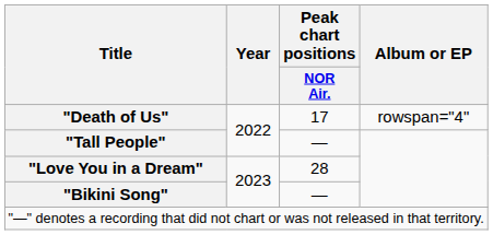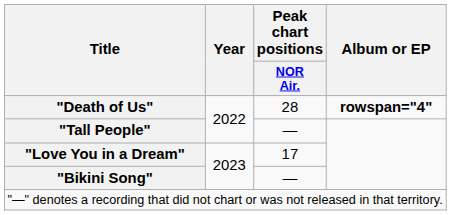 <table class="wikitable plainrowheaders" style="text-align:center;">
 <tr>
 <th scope="col" rowspan="2">Title</th>
 <th scope="col" rowspan="2">Year</th>
 <th scope="col" colspan="1">Peak chart positions</th>
 <th scope="col" rowspan="2">Album or EP</th>
 </tr>
 <tr>
 <th scope="col" style="width:3em;font-size:85%;"><a href='#'>NOR<br>Air.</a><br></th>
 </tr>
 <tr>
 <th scope="row">"Death of Us"</th>
 <td rowspan="2">2022</td>
-<td>17</td>
-<td>rowspan="4" </td>
+<td>28</td>
+<td><strong>rowspan="4" </strong></td>
 </tr>
 <tr>
 <th scope="row">"Tall People"</th>
 <td>—</td>
 </tr>
 <tr>
 <th scope="row">"Love You in a Dream"</th>
 <td rowspan="2">2023</td>
-<td>28</td>
+<td>17</td>
 </tr>
 <tr>
 <th scope="row">"Bikini Song"</th>
 <td>—</td>
 </tr>
 <tr>
 <td colspan="4" style="font-size:85%">"—" denotes a recording that did not chart or was not released in that territory.</td>
 </tr>
 </table>
